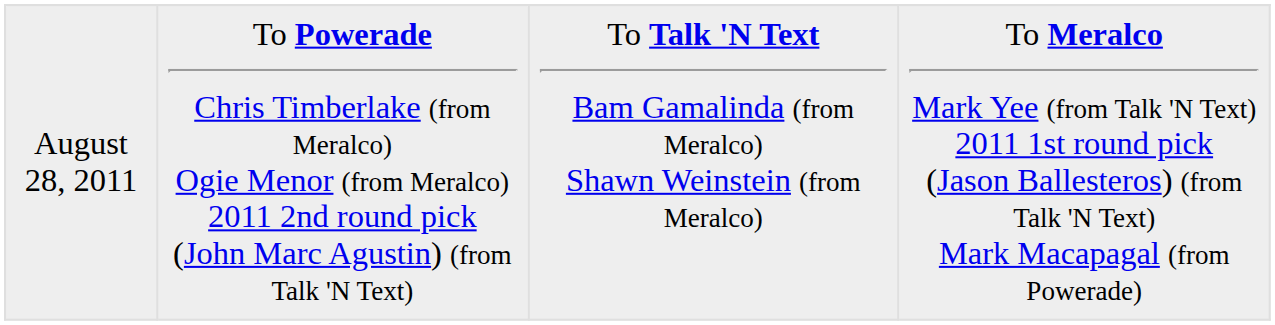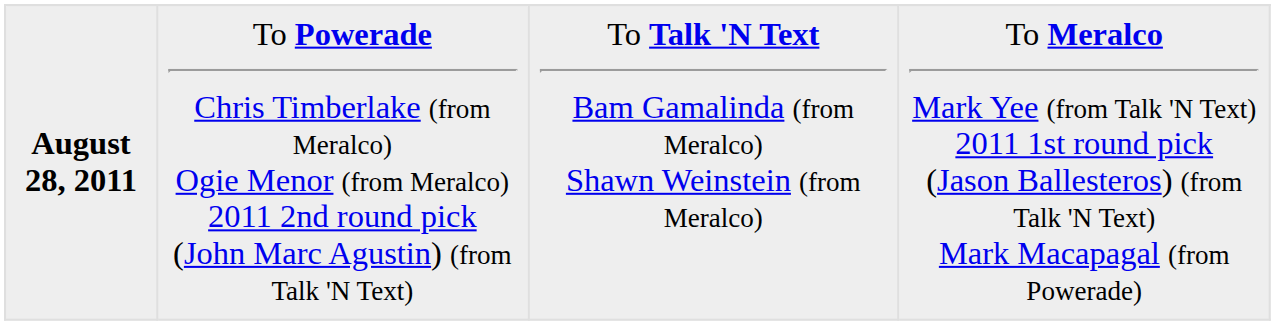 <table border=1 style="border-collapse:collapse; text-align: center; width: 100%" bordercolor="#DFDFDF"  cellpadding="5">
 <tr>
 </tr>
 <tr bgcolor="eeeeee">
-<td style="width:12%">August 28, 2011</td>
+<td style="width:12%"><strong>August 28, 2011</strong></td>
 <td style="width:29.3%" valign="top">To <strong><a href='#'>Powerade</a></strong><hr><a href='#'>Chris Timberlake</a>  <small>(from Meralco)</small> <br> <a href='#'>Ogie Menor</a>  <small>(from Meralco)</small> <br> <a href='#'>2011 2nd round pick</a> (<a href='#'>John Marc Agustin</a>) <small>(from Talk 'N Text)</small></td>
 <td style="width:29.3%" valign="top">To <strong><a href='#'>Talk 'N Text</a></strong><hr><a href='#'>Bam Gamalinda</a> <small>(from Meralco)</small> <br> <a href='#'>Shawn Weinstein</a> <small>(from Meralco)</small></td>
 <td style="width:29.3%" valign="top">To <strong><a href='#'>Meralco</a></strong><hr><a href='#'>Mark Yee</a> <small>(from Talk 'N Text)</small> <br> <a href='#'>2011 1st round pick</a> (<a href='#'>Jason Ballesteros</a>) <small>(from Talk 'N Text)</small><br><a href='#'>Mark Macapagal</a> <small>(from Powerade)</small></td>
 </tr>
 </table>
